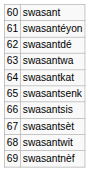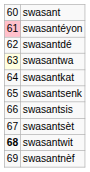 <table class="wikitable" style="float:left; margin-right:0.5em">
 <tr>
 <td>60</td>
 <td>swasant</td>
 </tr>
 <tr>
-<td>61</td>
+<td style="background: pink;">61</td>
 <td>swasantéyon</td>
 </tr>
 <tr>
 <td>62</td>
 <td>swasantdé</td>
 </tr>
 <tr>
-<td>63</td>
+<td style="background: lightyellow;">63</td>
 <td>swasantwa</td>
 </tr>
 <tr>
 <td>64</td>
 <td>swasantkat</td>
 </tr>
 <tr>
 <td>65</td>
 <td>swasantsenk</td>
 </tr>
 <tr>
 <td>66</td>
 <td>swasantsis</td>
 </tr>
 <tr>
 <td>67</td>
 <td>swasantsèt</td>
 </tr>
 <tr>
-<td>68</td>
+<td><strong>68</strong></td>
 <td>swasantwit</td>
 </tr>
 <tr>
 <td>69</td>
 <td>swasantnèf</td>
 </tr>
 </table>
